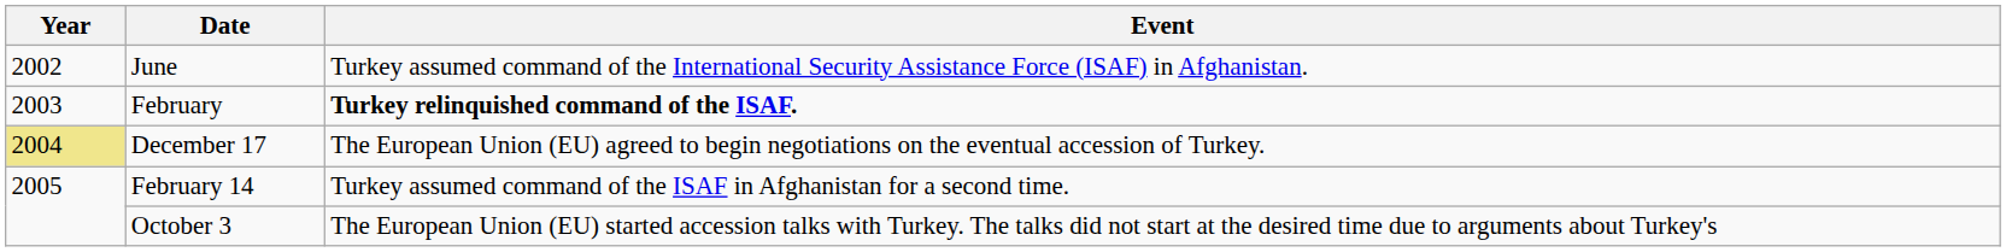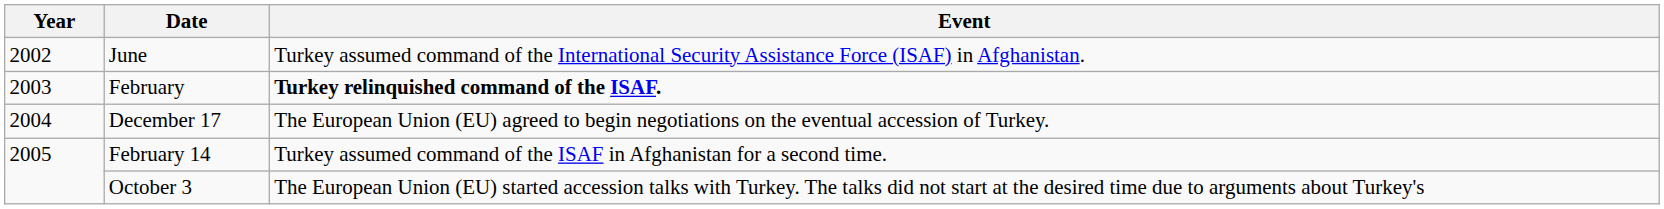 <table class="wikitable" width="100%">
 <tr>
 <th style="width:6%">Year</th>
 <th style="width:10%">Date</th>
 <th>Event</th>
 </tr>
 <tr>
 <td>2002</td>
 <td>June</td>
 <td>Turkey assumed command of the <a href='#'>International Security Assistance Force (ISAF)</a> in <a href='#'>Afghanistan</a>.</td>
 </tr>
 <tr>
 <td>2003</td>
 <td>February</td>
 <td><strong>Turkey relinquished command of the <a href='#'>ISAF</a>.</strong></td>
 </tr>
 <tr>
-<td style="background: khaki;">2004</td>
+<td>2004</td>
 <td>December 17</td>
 <td>The European Union (EU) agreed to begin negotiations on the eventual accession of Turkey.</td>
 </tr>
 <tr>
 <td rowspan="2" valign="top">2005</td>
 <td>February 14</td>
 <td>Turkey assumed command of the <a href='#'>ISAF</a> in Afghanistan for a second time.</td>
 </tr>
 <tr>
 <td>October 3</td>
 <td>The European Union (EU) started accession talks with Turkey.  The talks did not start at the desired time due to arguments about Turkey's</td>
 </tr>
 </table>
